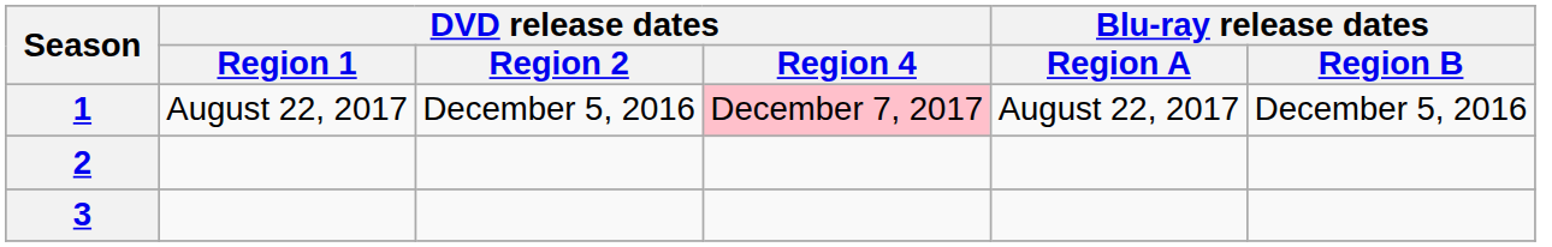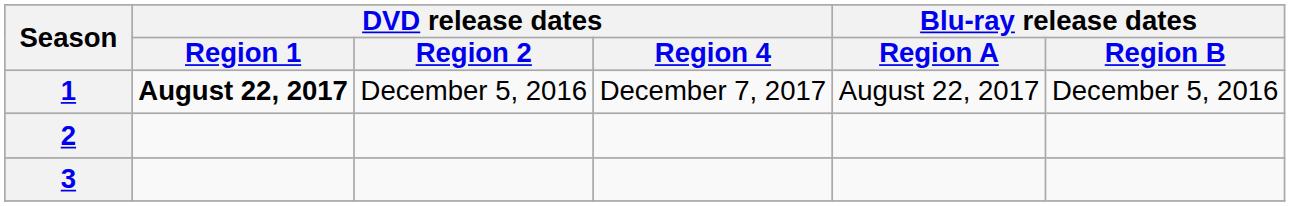 <table class="wikitable plainrowheaders" style="text-align: center;">
 <tr>
 <th scope="col" rowspan="2" style="padding: 0 8px;">Season</th>
 <th scope="col" colspan="3" style="padding: 0 8px;"><a href='#'>DVD</a> release dates</th>
 <th scope="col" colspan="2" style="padding: 0 8px;"><a href='#'>Blu-ray</a> release dates</th>
 </tr>
 <tr>
 <th style="padding: 0 8px;"><a href='#'>Region 1</a></th>
 <th style="padding: 0 8px;"><a href='#'>Region 2</a></th>
 <th style="padding: 0 8px;"><a href='#'>Region 4</a></th>
 <th style="padding: 0 8px;"><a href='#'>Region A</a></th>
 <th style="padding: 0 8px;"><a href='#'>Region B</a></th>
 </tr>
 <tr>
 <th scope="row" style="text-align: center;"><a href='#'>1</a></th>
-<td>August 22, 2017</td>
+<td><strong>August 22, 2017</strong></td>
 <td>December 5, 2016</td>
-<td style="background: pink;">December 7, 2017</td>
+<td>December 7, 2017</td>
 <td>August 22, 2017</td>
 <td>December 5, 2016</td>
 </tr>
 <tr>
 <th scope="row" style="text-align: center;"><a href='#'>2</a></th>
 <td></td>
 <td></td>
 <td></td>
 <td></td>
 <td></td>
 </tr>
 <tr>
 <th scope="row" style="text-align: center;"><a href='#'>3</a></th>
 <td></td>
 <td></td>
 <td></td>
 <td></td>
 <td></td>
 </tr>
 </table>
